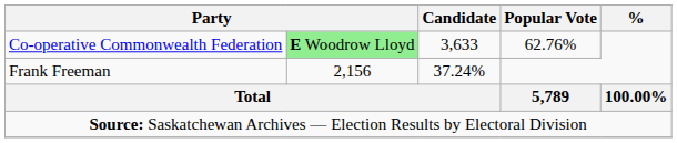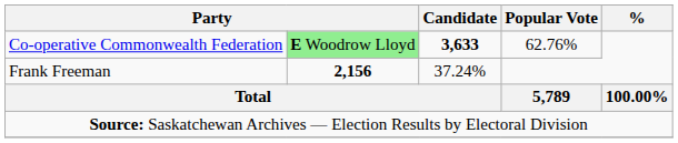 <table class="wikitable">
 <tr>
 <th colspan="2">Party</th>
 <th>Candidate</th>
 <th>Popular Vote</th>
 <th>%</th>
 </tr>
 <tr>
 <td><a href='#'>Co-operative Commonwealth Federation</a></td>
 <td style="background: lightgreen;"><strong>E</strong> Woodrow Lloyd</td>
-<td align=center>3,633</td>
+<td align=center><strong>3,633</strong></td>
 <td align=center>62.76%</td>
 </tr>
 <tr>
 <td>Frank Freeman</td>
-<td align=center>2,156</td>
+<td align=center><strong>2,156</strong></td>
 <td align=center>37.24%</td>
 </tr>
 <tr>
 <th colspan="3">Total</th>
 <th>5,789</th>
 <th>100.00%</th>
 </tr>
 <tr>
 <td colspan="5" align="center"><strong>Source:</strong> Saskatchewan Archives  — Election Results by Electoral Division</td>
 </tr>
 <tr>
 </tr>
 </table>
